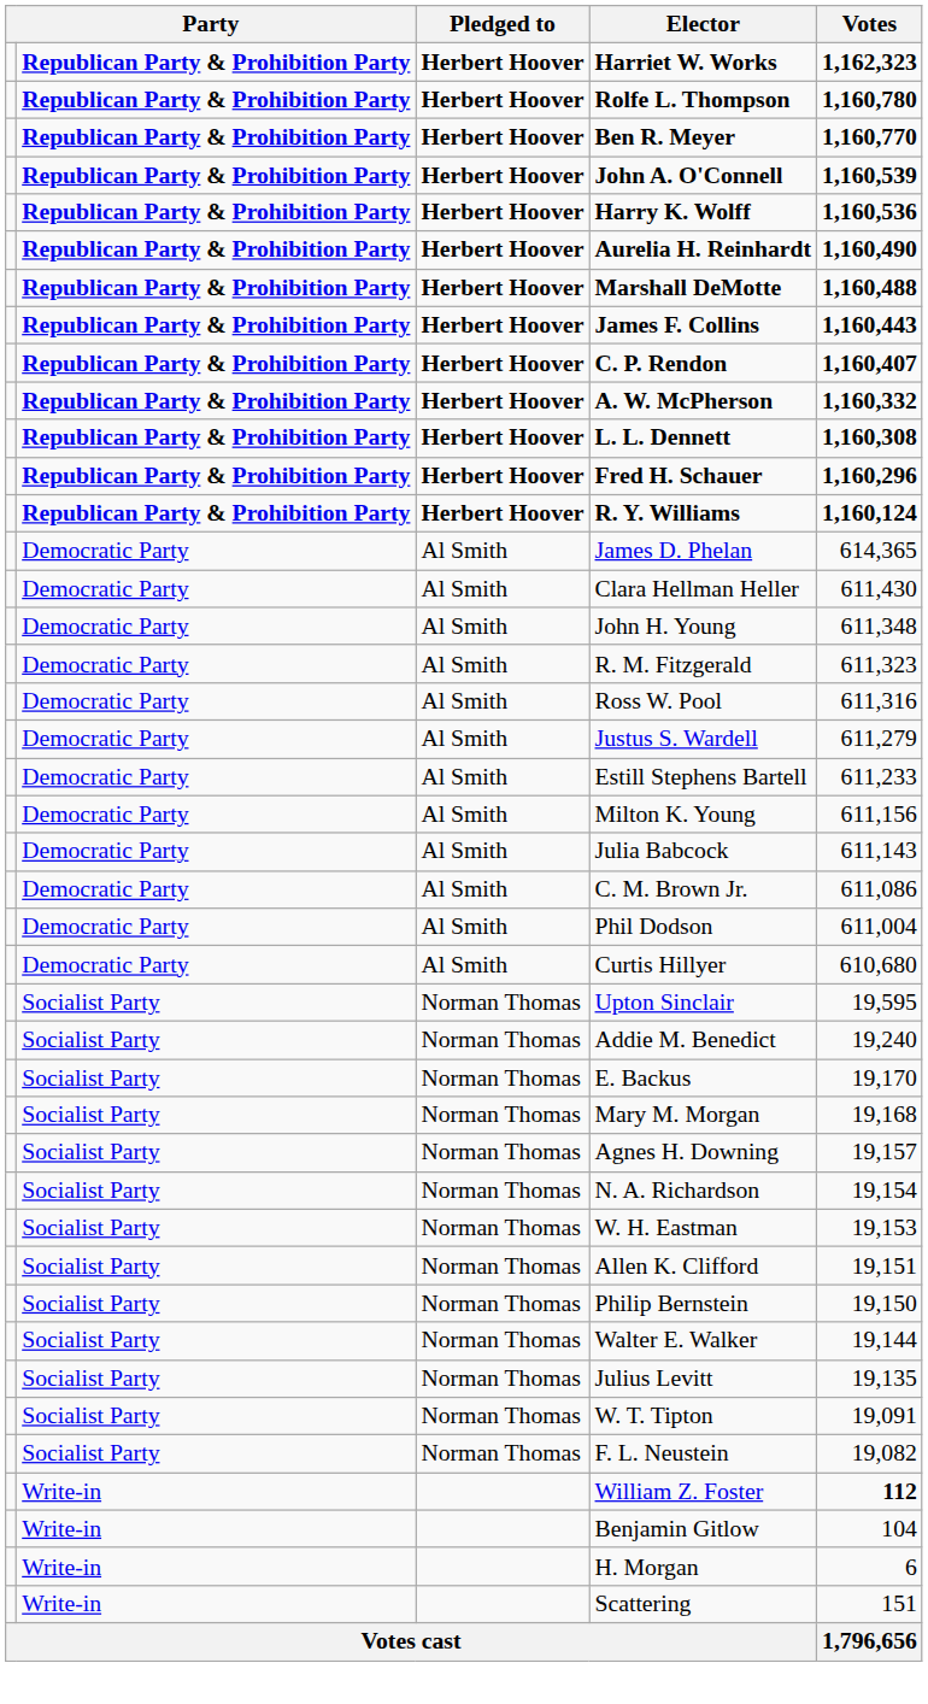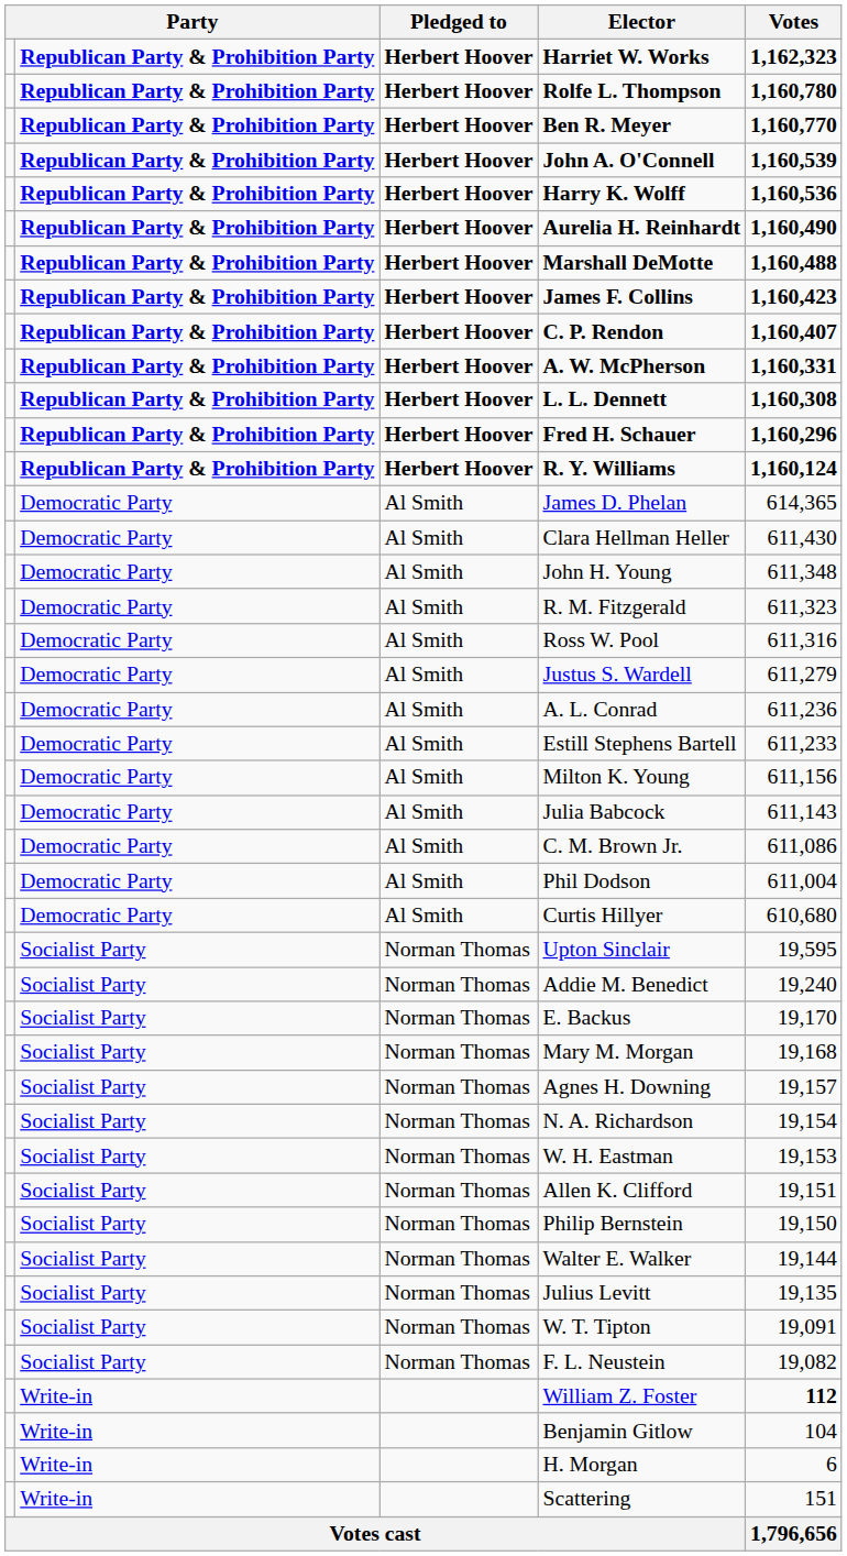 <table class="wikitable">
 <tr>
 <th colspan=2>Party</th>
 <th>Pledged to</th>
 <th>Elector</th>
 <th>Votes</th>
 </tr>
 <tr style="font-weight:bold">
 <td></td>
 <td><a href='#'>Republican Party</a> & <a href='#'>Prohibition Party</a></td>
 <td>Herbert Hoover</td>
 <td>Harriet W. Works</td>
 <td align="right">1,162,323</td>
 </tr>
 <tr style="font-weight:bold">
 <td></td>
 <td><a href='#'>Republican Party</a> & <a href='#'>Prohibition Party</a></td>
 <td>Herbert Hoover</td>
 <td>Rolfe L. Thompson</td>
 <td align="right">1,160,780</td>
 </tr>
 <tr style="font-weight:bold">
 <td></td>
 <td><a href='#'>Republican Party</a> & <a href='#'>Prohibition Party</a></td>
 <td>Herbert Hoover</td>
 <td>Ben R. Meyer</td>
 <td align="right">1,160,770</td>
 </tr>
 <tr style="font-weight:bold">
 <td></td>
 <td><a href='#'>Republican Party</a> & <a href='#'>Prohibition Party</a></td>
 <td>Herbert Hoover</td>
 <td>John A. O'Connell</td>
 <td align="right">1,160,539</td>
 </tr>
 <tr style="font-weight:bold">
 <td></td>
 <td><a href='#'>Republican Party</a> & <a href='#'>Prohibition Party</a></td>
 <td>Herbert Hoover</td>
 <td>Harry K. Wolff</td>
 <td align="right">1,160,536</td>
 </tr>
 <tr style="font-weight:bold">
 <td></td>
 <td><a href='#'>Republican Party</a> & <a href='#'>Prohibition Party</a></td>
 <td>Herbert Hoover</td>
 <td>Aurelia H. Reinhardt</td>
 <td align="right">1,160,490</td>
 </tr>
 <tr style="font-weight:bold">
 <td></td>
 <td><a href='#'>Republican Party</a> & <a href='#'>Prohibition Party</a></td>
 <td>Herbert Hoover</td>
 <td>Marshall DeMotte</td>
 <td align="right">1,160,488</td>
 </tr>
 <tr style="font-weight:bold">
 <td></td>
 <td><a href='#'>Republican Party</a> & <a href='#'>Prohibition Party</a></td>
 <td>Herbert Hoover</td>
 <td>James F. Collins</td>
-<td align="right">1,160,443</td>
+<td align="right">1,160,423</td>
 </tr>
 <tr style="font-weight:bold">
 <td></td>
 <td><a href='#'>Republican Party</a> & <a href='#'>Prohibition Party</a></td>
 <td>Herbert Hoover</td>
 <td>C. P. Rendon</td>
 <td align="right">1,160,407</td>
 </tr>
 <tr style="font-weight:bold">
 <td></td>
 <td><a href='#'>Republican Party</a> & <a href='#'>Prohibition Party</a></td>
 <td>Herbert Hoover</td>
 <td>A. W. McPherson</td>
-<td align="right">1,160,332</td>
+<td align="right">1,160,331</td>
 </tr>
 <tr style="font-weight:bold">
 <td></td>
 <td><a href='#'>Republican Party</a> & <a href='#'>Prohibition Party</a></td>
 <td>Herbert Hoover</td>
 <td>L. L. Dennett</td>
 <td align="right">1,160,308</td>
 </tr>
 <tr style="font-weight:bold">
 <td></td>
 <td><a href='#'>Republican Party</a> & <a href='#'>Prohibition Party</a></td>
 <td>Herbert Hoover</td>
 <td>Fred H. Schauer</td>
 <td align="right">1,160,296</td>
 </tr>
 <tr style="font-weight:bold">
 <td></td>
 <td><a href='#'>Republican Party</a> & <a href='#'>Prohibition Party</a></td>
 <td>Herbert Hoover</td>
 <td>R. Y. Williams</td>
 <td align="right">1,160,124</td>
 </tr>
 <tr>
 <td bgcolor=></td>
 <td><a href='#'>Democratic Party</a></td>
 <td>Al Smith</td>
 <td><a href='#'>James D. Phelan</a></td>
 <td align=right>614,365</td>
 </tr>
 <tr>
 <td bgcolor=></td>
 <td><a href='#'>Democratic Party</a></td>
 <td>Al Smith</td>
 <td>Clara Hellman Heller</td>
 <td align=right>611,430</td>
 </tr>
 <tr>
 <td bgcolor=></td>
 <td><a href='#'>Democratic Party</a></td>
 <td>Al Smith</td>
 <td>John H. Young</td>
 <td align=right>611,348</td>
 </tr>
 <tr>
 <td bgcolor=></td>
 <td><a href='#'>Democratic Party</a></td>
 <td>Al Smith</td>
 <td>R. M. Fitzgerald</td>
 <td align=right>611,323</td>
 </tr>
 <tr>
 <td bgcolor=></td>
 <td><a href='#'>Democratic Party</a></td>
 <td>Al Smith</td>
 <td>Ross W. Pool</td>
 <td align=right>611,316</td>
 </tr>
 <tr>
 <td bgcolor=></td>
 <td><a href='#'>Democratic Party</a></td>
 <td>Al Smith</td>
 <td><a href='#'>Justus S. Wardell</a></td>
 <td align=right>611,279</td>
+</tr>
+<tr>
+<td bgcolor=></td>
+<td><a href='#'>Democratic Party</a></td>
+<td>Al Smith</td>
+<td>A. L. Conrad</td>
+<td align=right>611,236</td>
 </tr>
 <tr>
 <td bgcolor=></td>
 <td><a href='#'>Democratic Party</a></td>
 <td>Al Smith</td>
 <td>Estill Stephens Bartell</td>
 <td align=right>611,233</td>
 </tr>
 <tr>
 <td bgcolor=></td>
 <td><a href='#'>Democratic Party</a></td>
 <td>Al Smith</td>
 <td>Milton K. Young</td>
 <td align=right>611,156</td>
 </tr>
 <tr>
 <td bgcolor=></td>
 <td><a href='#'>Democratic Party</a></td>
 <td>Al Smith</td>
 <td>Julia Babcock</td>
 <td align=right>611,143</td>
 </tr>
 <tr>
 <td bgcolor=></td>
 <td><a href='#'>Democratic Party</a></td>
 <td>Al Smith</td>
 <td>C. M. Brown Jr.</td>
 <td align=right>611,086</td>
 </tr>
 <tr>
 <td bgcolor=></td>
 <td><a href='#'>Democratic Party</a></td>
 <td>Al Smith</td>
 <td>Phil Dodson</td>
 <td align=right>611,004</td>
 </tr>
 <tr>
 <td bgcolor=></td>
 <td><a href='#'>Democratic Party</a></td>
 <td>Al Smith</td>
 <td>Curtis Hillyer</td>
 <td align=right>610,680</td>
 </tr>
 <tr>
 <td bgcolor=></td>
 <td><a href='#'>Socialist Party</a></td>
 <td>Norman Thomas</td>
 <td><a href='#'>Upton Sinclair</a></td>
 <td align="right">19,595</td>
 </tr>
 <tr>
 <td bgcolor=></td>
 <td><a href='#'>Socialist Party</a></td>
 <td>Norman Thomas</td>
 <td>Addie M. Benedict</td>
 <td align="right">19,240</td>
 </tr>
 <tr>
 <td bgcolor=></td>
 <td><a href='#'>Socialist Party</a></td>
 <td>Norman Thomas</td>
 <td>E. Backus</td>
 <td align="right">19,170</td>
 </tr>
 <tr>
 <td bgcolor=></td>
 <td><a href='#'>Socialist Party</a></td>
 <td>Norman Thomas</td>
 <td>Mary M. Morgan</td>
 <td align="right">19,168</td>
 </tr>
 <tr>
 <td bgcolor=></td>
 <td><a href='#'>Socialist Party</a></td>
 <td>Norman Thomas</td>
 <td>Agnes H. Downing</td>
 <td align="right">19,157</td>
 </tr>
 <tr>
 <td bgcolor=></td>
 <td><a href='#'>Socialist Party</a></td>
 <td>Norman Thomas</td>
 <td>N. A. Richardson</td>
 <td align="right">19,154</td>
 </tr>
 <tr>
 <td bgcolor=></td>
 <td><a href='#'>Socialist Party</a></td>
 <td>Norman Thomas</td>
 <td>W. H. Eastman</td>
 <td align="right">19,153</td>
 </tr>
 <tr>
 <td bgcolor=></td>
 <td><a href='#'>Socialist Party</a></td>
 <td>Norman Thomas</td>
 <td>Allen K. Clifford</td>
 <td align="right">19,151</td>
 </tr>
 <tr>
 <td bgcolor=></td>
 <td><a href='#'>Socialist Party</a></td>
 <td>Norman Thomas</td>
 <td>Philip Bernstein</td>
 <td align="right">19,150</td>
 </tr>
 <tr>
 <td bgcolor=></td>
 <td><a href='#'>Socialist Party</a></td>
 <td>Norman Thomas</td>
 <td>Walter E. Walker</td>
 <td align="right">19,144</td>
 </tr>
 <tr>
 <td bgcolor=></td>
 <td><a href='#'>Socialist Party</a></td>
 <td>Norman Thomas</td>
 <td>Julius Levitt</td>
 <td align="right">19,135</td>
 </tr>
 <tr>
 <td bgcolor=></td>
 <td><a href='#'>Socialist Party</a></td>
 <td>Norman Thomas</td>
 <td>W. T. Tipton</td>
 <td align="right">19,091</td>
 </tr>
 <tr>
 <td bgcolor=></td>
 <td><a href='#'>Socialist Party</a></td>
 <td>Norman Thomas</td>
 <td>F. L. Neustein</td>
 <td align="right">19,082</td>
 </tr>
 <tr>
 <td></td>
 <td><a href='#'>Write-in</a></td>
 <td></td>
 <td><a href='#'>William Z. Foster</a></td>
 <td align="right"><strong>112</strong></td>
 </tr>
 <tr>
 <td></td>
 <td><a href='#'>Write-in</a></td>
 <td></td>
 <td>Benjamin Gitlow</td>
 <td align="right">104</td>
 </tr>
 <tr>
 <td></td>
 <td><a href='#'>Write-in</a></td>
 <td></td>
 <td>H. Morgan</td>
 <td align="right">6</td>
 </tr>
 <tr>
 <td></td>
 <td><a href='#'>Write-in</a></td>
 <td></td>
 <td>Scattering</td>
 <td align="right">151</td>
 </tr>
 <tr>
 <th colspan="4">Votes cast</th>
 <th>1,796,656</th>
 </tr>
 </table>
